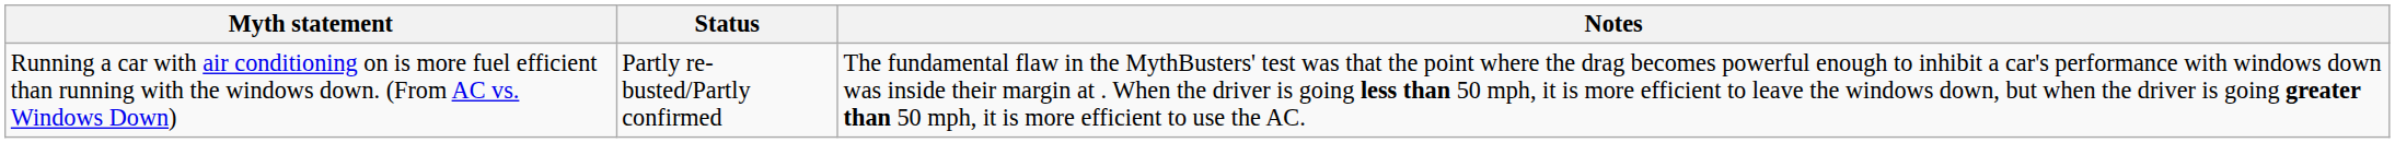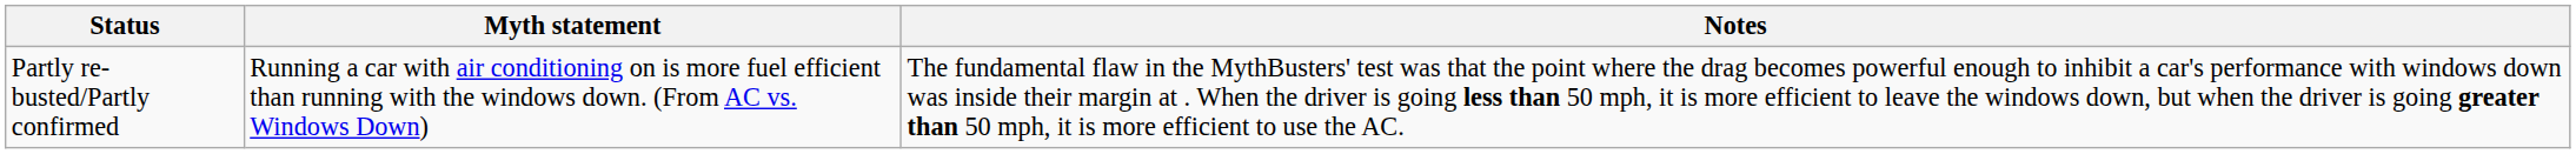 <table class="wikitable plainrowheaders">
 <tr>
+<th>Status</th>
 <th>Myth statement</th>
-<th>Status</th>
 <th>Notes</th>
 </tr>
 <tr>
+<td><span>Partly re-busted</span>/<span>Partly confirmed</span></td>
 <td>Running a car with <a href='#'>air conditioning</a> on is more fuel efficient than running with the windows down. (From <a href='#'>AC vs. Windows Down</a>)</td>
-<td><span>Partly re-busted</span>/<span>Partly confirmed</span></td>
 <td>The fundamental flaw in the MythBusters' test was that the point where the drag becomes powerful enough to inhibit a car's performance with windows down was inside their  margin at . When the driver is going <strong>less than</strong> 50 mph, it is more efficient to leave the windows down, but when the driver is going <strong>greater than</strong> 50 mph, it is more efficient to use the AC.</td>
 </tr>
 </table>
